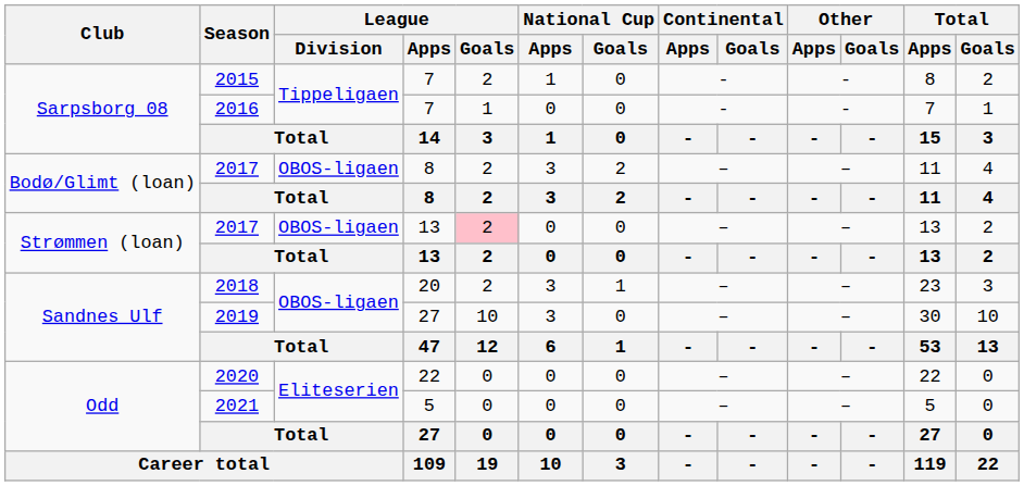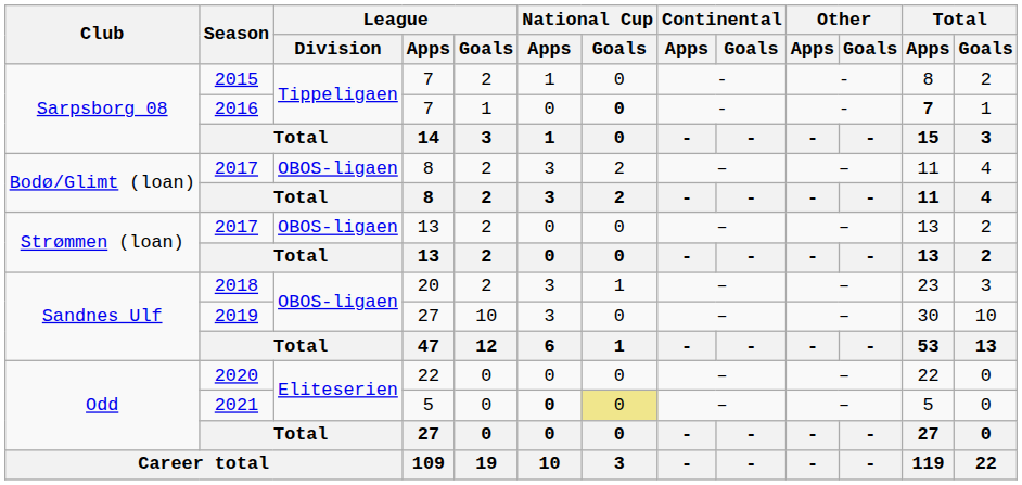 <table class="wikitable" style="text-align: center;">
 <tr>
 <th rowspan="2">Club</th>
 <th rowspan="2">Season</th>
 <th colspan="3">League</th>
 <th colspan="2">National Cup</th>
 <th colspan="2">Continental</th>
 <th colspan="2">Other</th>
 <th colspan="2">Total</th>
 </tr>
 <tr>
 <th>Division</th>
 <th>Apps</th>
 <th>Goals</th>
 <th>Apps</th>
 <th>Goals</th>
 <th>Apps</th>
 <th>Goals</th>
 <th>Apps</th>
 <th>Goals</th>
 <th>Apps</th>
 <th>Goals</th>
 </tr>
 <tr>
 <td rowspan="3" valign="center"><a href='#'>Sarpsborg 08</a></td>
 <td><a href='#'>2015</a></td>
 <td rowspan="2" valign="center"><a href='#'>Tippeligaen</a></td>
 <td>7</td>
 <td>2</td>
 <td>1</td>
 <td>0</td>
 <td colspan="2">-</td>
 <td colspan="2">-</td>
 <td>8</td>
 <td>2</td>
 </tr>
 <tr>
 <td><a href='#'>2016</a></td>
 <td>7</td>
 <td>1</td>
 <td>0</td>
-<td>0</td>
+<td><strong>0</strong></td>
 <td colspan="2">-</td>
 <td colspan="2">-</td>
-<td>7</td>
+<td><strong>7</strong></td>
 <td>1</td>
 </tr>
 <tr>
 <th colspan="2">Total</th>
 <th>14</th>
 <th>3</th>
 <th>1</th>
 <th>0</th>
 <th>-</th>
 <th>-</th>
 <th>-</th>
 <th>-</th>
 <th>15</th>
 <th>3</th>
 </tr>
 <tr>
 <td rowspan="2" valign="center"><a href='#'>Bodø/Glimt</a> (loan)</td>
 <td><a href='#'>2017</a></td>
 <td><a href='#'>OBOS-ligaen</a></td>
 <td>8</td>
 <td>2</td>
 <td>3</td>
 <td>2</td>
 <td colspan="2">–</td>
 <td colspan="2">–</td>
 <td>11</td>
 <td>4</td>
 </tr>
 <tr>
 <th colspan="2">Total</th>
 <th>8</th>
 <th>2</th>
 <th>3</th>
 <th>2</th>
 <th>-</th>
 <th>-</th>
 <th>-</th>
 <th>-</th>
 <th>11</th>
 <th>4</th>
 </tr>
 <tr>
 <td rowspan="2" valign="center"><a href='#'>Strømmen</a> (loan)</td>
 <td><a href='#'>2017</a></td>
 <td><a href='#'>OBOS-ligaen</a></td>
 <td>13</td>
-<td style="background: pink;">2</td>
+<td>2</td>
 <td>0</td>
 <td>0</td>
 <td colspan="2">–</td>
 <td colspan="2">–</td>
 <td>13</td>
 <td>2</td>
 </tr>
 <tr>
 <th colspan="2">Total</th>
 <th>13</th>
 <th>2</th>
 <th>0</th>
 <th>0</th>
 <th>-</th>
 <th>-</th>
 <th>-</th>
 <th>-</th>
 <th>13</th>
 <th>2</th>
 </tr>
 <tr>
 <td rowspan="3" valign="center"><a href='#'>Sandnes Ulf</a></td>
 <td><a href='#'>2018</a></td>
 <td rowspan="2" valign="center"><a href='#'>OBOS-ligaen</a></td>
 <td>20</td>
 <td>2</td>
 <td>3</td>
 <td>1</td>
 <td colspan="2">–</td>
 <td colspan="2">–</td>
 <td>23</td>
 <td>3</td>
 </tr>
 <tr>
 <td><a href='#'>2019</a></td>
 <td>27</td>
 <td>10</td>
 <td>3</td>
 <td>0</td>
 <td colspan="2">–</td>
 <td colspan="2">–</td>
 <td>30</td>
 <td>10</td>
 </tr>
 <tr>
 <th colspan="2">Total</th>
 <th>47</th>
 <th>12</th>
 <th>6</th>
 <th>1</th>
 <th>-</th>
 <th>-</th>
 <th>-</th>
 <th>-</th>
 <th>53</th>
 <th>13</th>
 </tr>
 <tr>
 <td rowspan="3" valign="center"><a href='#'>Odd</a></td>
 <td><a href='#'>2020</a></td>
 <td rowspan="2" valign="center"><a href='#'>Eliteserien</a></td>
 <td>22</td>
 <td>0</td>
 <td>0</td>
 <td>0</td>
 <td colspan="2">–</td>
 <td colspan="2">–</td>
 <td>22</td>
 <td>0</td>
 </tr>
 <tr>
 <td><a href='#'>2021</a></td>
 <td>5</td>
 <td>0</td>
-<td>0</td>
-<td>0</td>
+<td><strong>0</strong></td>
+<td style="background: khaki;">0</td>
 <td colspan="2">–</td>
 <td colspan="2">–</td>
 <td>5</td>
 <td>0</td>
 </tr>
 <tr>
 <th colspan="2">Total</th>
 <th>27</th>
 <th>0</th>
 <th>0</th>
 <th>0</th>
 <th>-</th>
 <th>-</th>
 <th>-</th>
 <th>-</th>
 <th>27</th>
 <th>0</th>
 </tr>
 <tr>
 <th colspan="3">Career total</th>
 <th>109</th>
 <th>19</th>
 <th>10</th>
 <th>3</th>
 <th>-</th>
 <th>-</th>
 <th>-</th>
 <th>-</th>
 <th>119</th>
 <th>22</th>
 </tr>
 </table>
